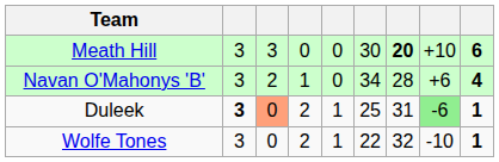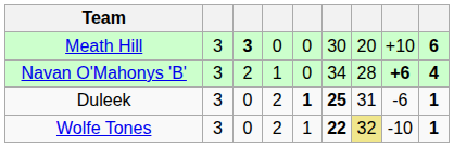 <table class="wikitable" style="text-align:center">
 <tr>
 <th width="175">Team</th>
 <th width="20"></th>
 <th width="20"></th>
 <th width="20"></th>
 <th width="20"></th>
 <th width="20"></th>
 <th width="20"></th>
 <th width="20"></th>
 <th width="20"></th>
 </tr>
 <tr style="background:#cfc;">
 <td><a href='#'>Meath Hill</a></td>
 <td>3</td>
-<td>3</td>
+<td><strong>3</strong></td>
 <td>0</td>
 <td>0</td>
 <td>30</td>
-<td><strong>20</strong></td>
+<td>20</td>
 <td>+10</td>
 <td><strong>6</strong></td>
 </tr>
 <tr style="background:#cfc;">
 <td><a href='#'>Navan O'Mahonys 'B'</a></td>
 <td>3</td>
 <td>2</td>
 <td>1</td>
 <td>0</td>
 <td>34</td>
 <td>28</td>
-<td>+6</td>
+<td><strong>+6</strong></td>
 <td><strong>4</strong></td>
 </tr>
 <tr>
 <td>Duleek</td>
-<td><strong>3</strong></td>
-<td style="background: lightsalmon;">0</td>
+<td>3</td>
+<td>0</td>
 <td>2</td>
-<td>1</td>
-<td>25</td>
+<td><strong>1</strong></td>
+<td><strong>25</strong></td>
 <td>31</td>
-<td style="background: lightgreen;">-6</td>
+<td>-6</td>
 <td><strong>1</strong></td>
 </tr>
 <tr>
 <td><a href='#'>Wolfe Tones</a></td>
 <td>3</td>
 <td>0</td>
 <td>2</td>
 <td>1</td>
-<td>22</td>
-<td>32</td>
+<td><strong>22</strong></td>
+<td style="background: khaki;">32</td>
 <td>-10</td>
 <td><strong>1</strong></td>
 </tr>
 </table>
